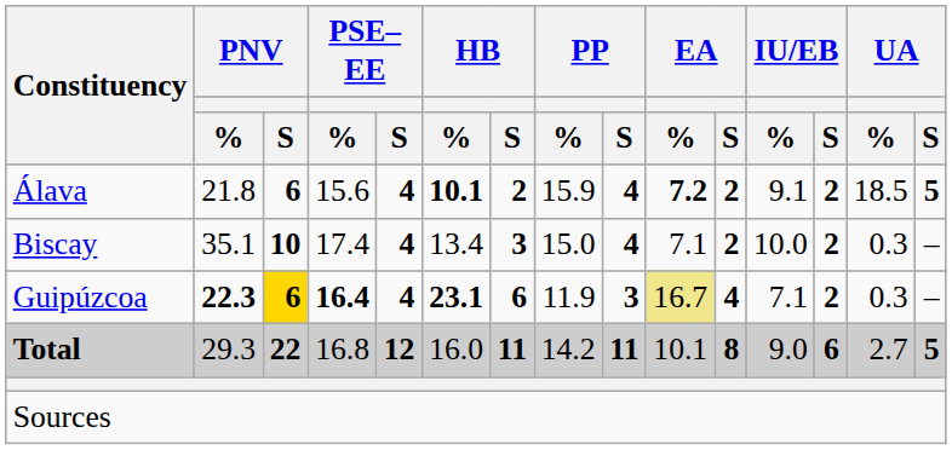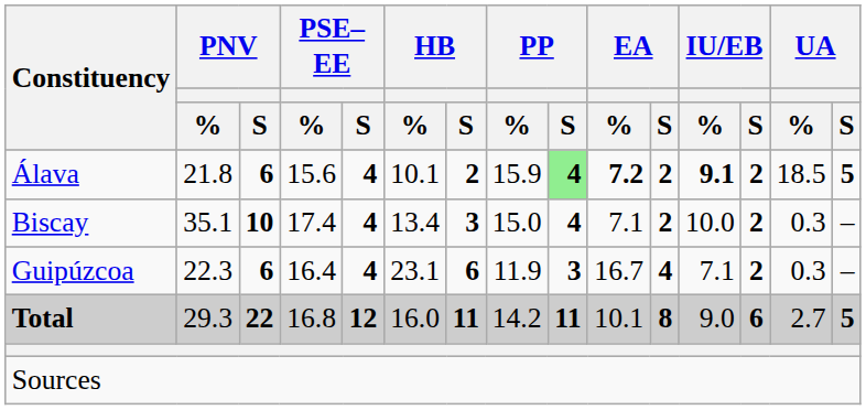 <table class="wikitable sortable" style="text-align:right; line-height:20px;">
 <tr>
 <th rowspan="3">Constituency</th>
 <th colspan="2" width="30px" class="unsortable"><a href='#'>PNV</a></th>
 <th colspan="2" width="30px" class="unsortable"><a href='#'>PSE–EE</a></th>
 <th colspan="2" width="30px" class="unsortable"><a href='#'>HB</a></th>
 <th colspan="2" width="30px" class="unsortable"><a href='#'>PP</a></th>
 <th colspan="2" width="30px" class="unsortable"><a href='#'>EA</a></th>
 <th colspan="2" width="30px" class="unsortable"><a href='#'>IU/EB</a></th>
 <th colspan="2" width="30px" class="unsortable"><a href='#'>UA</a></th>
 </tr>
 <tr>
 <th colspan="2" style="background:"></th>
 <th colspan="2" style="background:"></th>
 <th colspan="2" style="background:"></th>
 <th colspan="2" style="background:"></th>
 <th colspan="2" style="background:"></th>
 <th colspan="2" style="background:"></th>
 <th colspan="2" style="background:"></th>
 </tr>
 <tr>
 <th data-sort-type="number">%</th>
 <th data-sort-type="number">S</th>
 <th data-sort-type="number">%</th>
 <th data-sort-type="number">S</th>
 <th data-sort-type="number">%</th>
 <th data-sort-type="number">S</th>
 <th data-sort-type="number">%</th>
 <th data-sort-type="number">S</th>
 <th data-sort-type="number">%</th>
 <th data-sort-type="number">S</th>
 <th data-sort-type="number">%</th>
 <th data-sort-type="number">S</th>
 <th data-sort-type="number">%</th>
 <th data-sort-type="number">S</th>
 </tr>
 <tr>
 <td align="left"><a href='#'>Álava</a></td>
 <td style="background:">21.8</td>
 <td><strong>6</strong></td>
 <td>15.6</td>
 <td><strong>4</strong></td>
-<td><strong>10.1</strong></td>
+<td>10.1</td>
 <td><strong>2</strong></td>
 <td>15.9</td>
-<td><strong>4</strong></td>
+<td style="background: lightgreen;"><strong>4</strong></td>
 <td><strong>7.2</strong></td>
 <td><strong>2</strong></td>
-<td>9.1</td>
+<td><strong>9.1</strong></td>
 <td><strong>2</strong></td>
 <td>18.5</td>
 <td><strong>5</strong></td>
 </tr>
 <tr>
 <td align="left"><a href='#'>Biscay</a></td>
 <td style="background:">35.1</td>
 <td><strong>10</strong></td>
 <td>17.4</td>
 <td><strong>4</strong></td>
 <td>13.4</td>
 <td><strong>3</strong></td>
 <td>15.0</td>
 <td><strong>4</strong></td>
 <td>7.1</td>
 <td><strong>2</strong></td>
 <td>10.0</td>
 <td><strong>2</strong></td>
 <td>0.3</td>
 <td>–</td>
 </tr>
 <tr>
 <td align="left"><a href='#'>Guipúzcoa</a></td>
-<td><strong>22.3</strong></td>
-<td style="background: gold;"><strong>6</strong></td>
-<td><strong>16.4</strong></td>
+<td>22.3</td>
+<td><strong>6</strong></td>
+<td>16.4</td>
 <td><strong>4</strong></td>
-<td style="background:"><strong>23.1</strong></td>
+<td style="background:">23.1</td>
 <td><strong>6</strong></td>
 <td>11.9</td>
 <td><strong>3</strong></td>
-<td style="background: khaki;">16.7</td>
+<td>16.7</td>
 <td><strong>4</strong></td>
 <td>7.1</td>
 <td><strong>2</strong></td>
 <td>0.3</td>
 <td>–</td>
 </tr>
 <tr style="background:#CDCDCD;">
 <td align="left"><strong>Total</strong></td>
 <td style="background:">29.3</td>
 <td><strong>22</strong></td>
 <td>16.8</td>
 <td><strong>12</strong></td>
 <td>16.0</td>
 <td><strong>11</strong></td>
 <td>14.2</td>
 <td><strong>11</strong></td>
 <td>10.1</td>
 <td><strong>8</strong></td>
 <td>9.0</td>
 <td><strong>6</strong></td>
 <td>2.7</td>
 <td><strong>5</strong></td>
 </tr>
 <tr>
 <th colspan="15"></th>
 </tr>
 <tr>
 <th style="text-align:left; font-weight:normal; background:#F9F9F9" colspan="15">Sources</th>
 </tr>
 </table>
